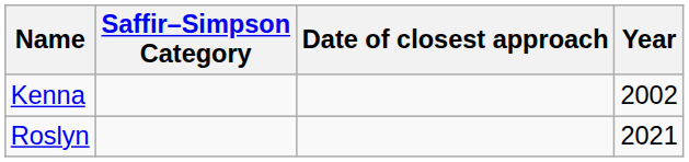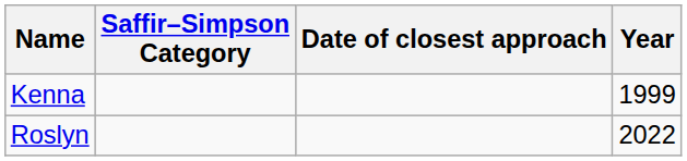 <table class = "wikitable" style="margin:1em auto;">
 <tr>
 <th>Name</th>
 <th><a href='#'>Saffir–Simpson</a><br>Category</th>
 <th>Date of closest approach</th>
 <th>Year</th>
 </tr>
 <tr>
 <td><a href='#'>Kenna</a></td>
 <td></td>
 <td></td>
-<td>2002</td>
+<td>1999</td>
 </tr>
 <tr>
 <td><a href='#'>Roslyn</a></td>
 <td></td>
 <td></td>
-<td>2021</td>
+<td>2022</td>
 </tr>
 </table>
